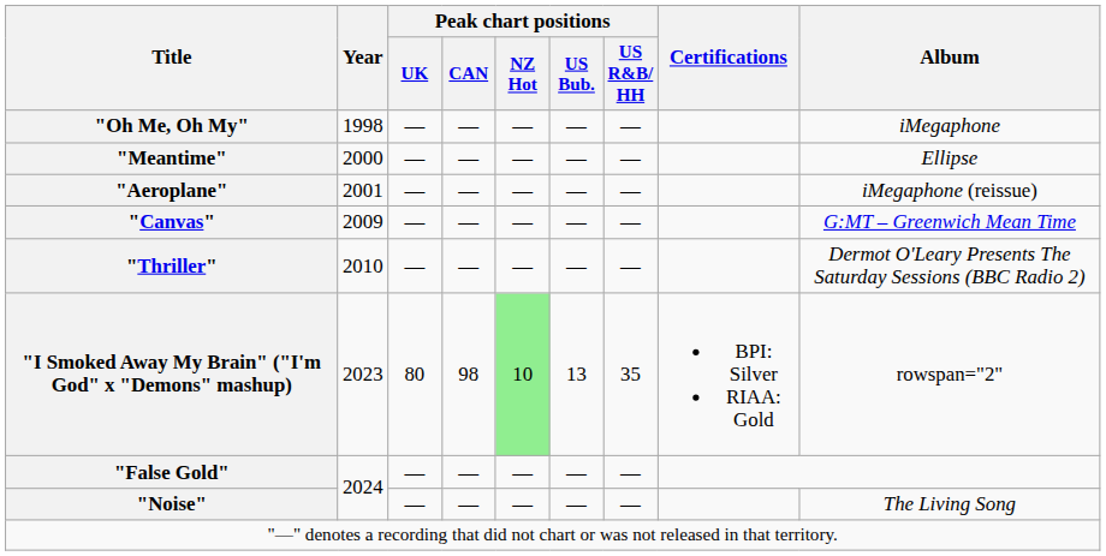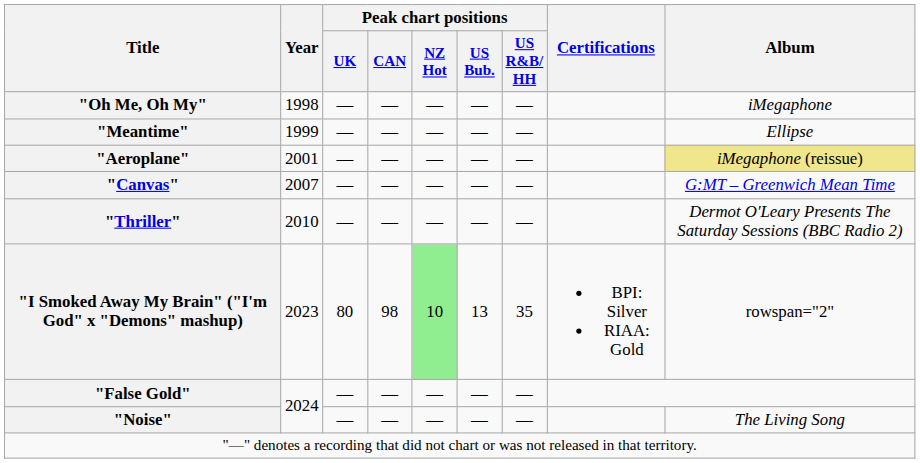 <table class="wikitable plainrowheaders" style="text-align:center;">
 <tr>
 <th scope="col" rowspan="2" style="width:16em;">Title</th>
 <th scope="col" rowspan="2">Year</th>
 <th scope="col" colspan="5">Peak chart positions</th>
 <th scope="col" rowspan="2"><a href='#'>Certifications</a></th>
 <th scope="col" rowspan="2">Album</th>
 </tr>
 <tr>
 <th scope="col" style="width:2.5em;font-size:90%;"><a href='#'>UK</a><br></th>
 <th scope="col" style="width:2.5em;font-size:90%;"><a href='#'>CAN</a><br></th>
 <th scope="col" style="width:2.5em;font-size:90%;"><a href='#'>NZ<br>Hot</a><br></th>
 <th scope="col" style="width:2.5em;font-size:90%;"><a href='#'>US<br>Bub.</a><br></th>
 <th scope="col" style="width:2.5em;font-size:90%;"><a href='#'>US<br>R&B/<br>HH</a><br></th>
 </tr>
 <tr>
 <th scope="row">"Oh Me, Oh My"</th>
 <td>1998</td>
 <td>—</td>
 <td>—</td>
 <td>—</td>
 <td>—</td>
 <td>—</td>
 <td></td>
 <td><em>iMegaphone</em></td>
 </tr>
 <tr>
 <th scope="row">"Meantime"<br></th>
-<td>2000</td>
+<td>1999</td>
 <td>—</td>
 <td>—</td>
 <td>—</td>
 <td>—</td>
 <td>—</td>
 <td></td>
 <td><em>Ellipse</em></td>
 </tr>
 <tr>
 <th scope="row">"Aeroplane"</th>
 <td>2001</td>
 <td>—</td>
 <td>—</td>
 <td>—</td>
 <td>—</td>
 <td>—</td>
 <td></td>
-<td><em>iMegaphone</em> (reissue)</td>
+<td style="background: khaki;"><em>iMegaphone</em> (reissue)</td>
 </tr>
 <tr>
 <th scope="row">"<a href='#'>Canvas</a>"</th>
-<td>2009</td>
+<td>2007</td>
 <td>—</td>
 <td>—</td>
 <td>—</td>
 <td>—</td>
 <td>—</td>
 <td></td>
 <td><em><a href='#'>G:MT – Greenwich Mean Time</a></em></td>
 </tr>
 <tr>
 <th scope="row">"<a href='#'>Thriller</a>"</th>
 <td>2010</td>
 <td>—</td>
 <td>—</td>
 <td>—</td>
 <td>—</td>
 <td>—</td>
 <td></td>
 <td><em>Dermot O'Leary Presents The Saturday Sessions (BBC Radio 2)</em></td>
 </tr>
 <tr>
 <th scope="row">"I Smoked Away My Brain" ("I'm God" x "Demons" mashup)<br></th>
 <td>2023</td>
 <td>80</td>
 <td>98</td>
 <td style="background: lightgreen;">10</td>
 <td>13</td>
 <td>35</td>
 <td><br><ul><li>BPI: Silver</li><li>RIAA: Gold</li></ul></td>
 <td>rowspan="2" </td>
 </tr>
 <tr>
 <th scope="row">"False Gold"<br></th>
 <td rowspan="2">2024</td>
 <td>—</td>
 <td>—</td>
 <td>—</td>
 <td>—</td>
 <td>—</td>
 </tr>
 <tr>
 <th scope="row">"Noise"</th>
 <td>—</td>
 <td>—</td>
 <td>—</td>
 <td>—</td>
 <td>—</td>
 <td></td>
 <td><em>The Living Song</em></td>
 </tr>
 <tr>
 <td colspan="9" style="font-size:90%">"—" denotes a recording that did not chart or was not released in that territory.</td>
 </tr>
 </table>
